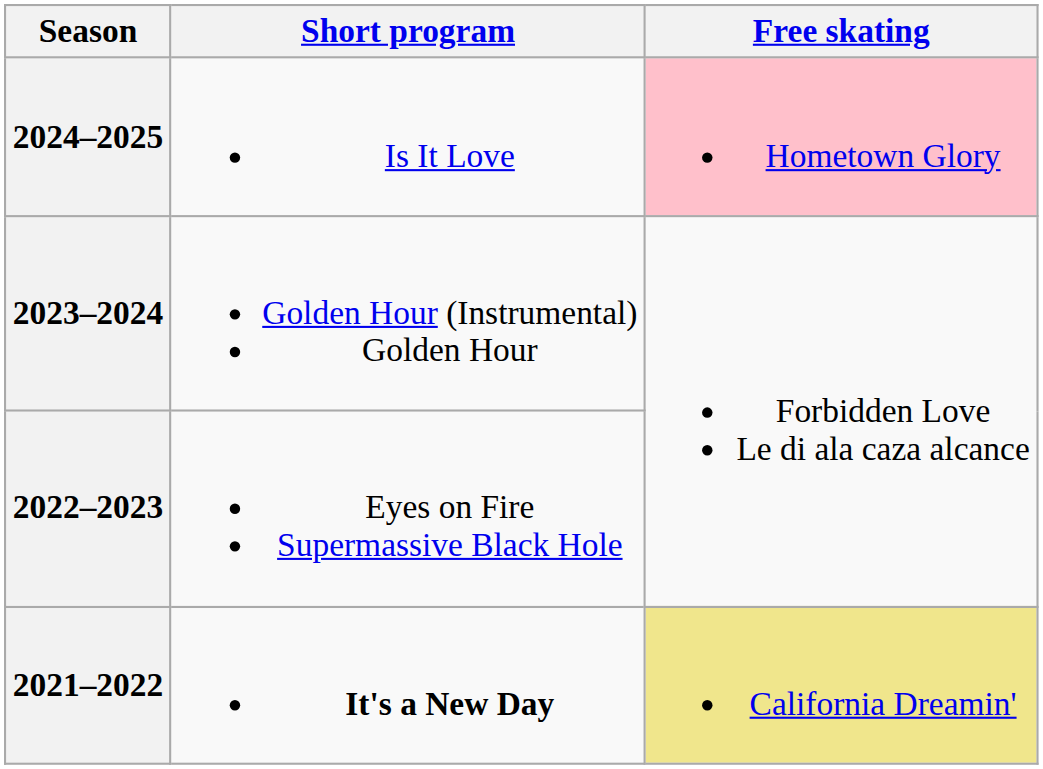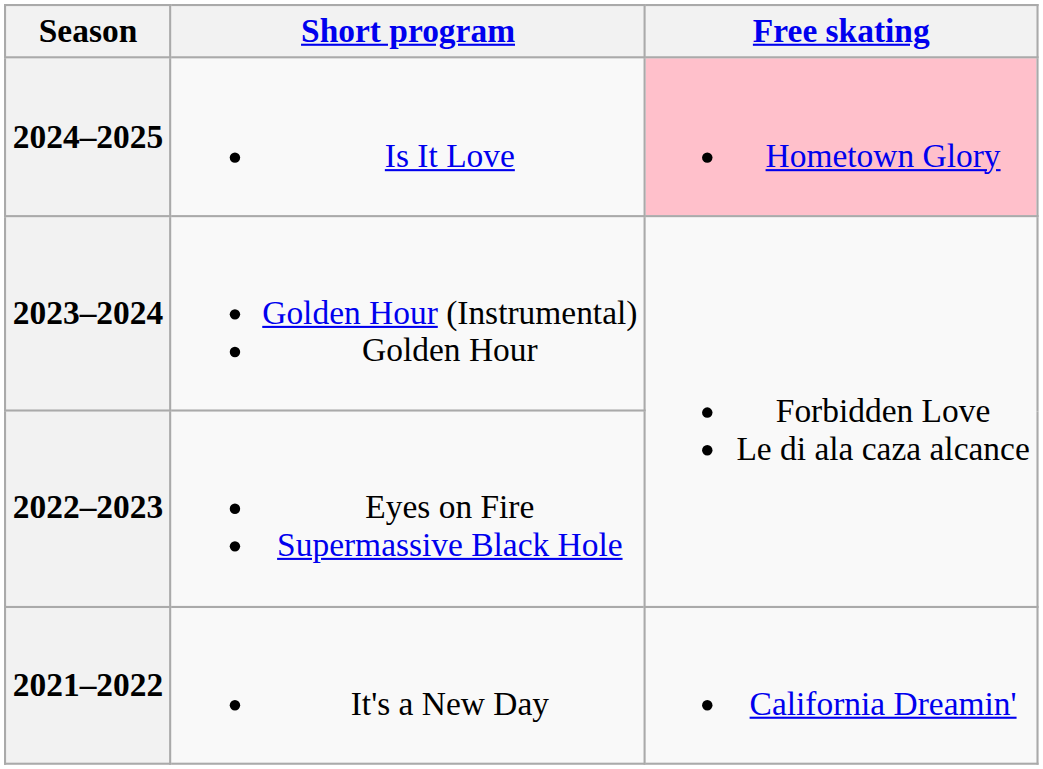 <table class="wikitable" style="text-align:center">
 <tr>
 <th>Season</th>
 <th><a href='#'>Short program</a></th>
 <th><a href='#'>Free skating</a></th>
 </tr>
 <tr>
 <th>2024–2025 <br> </th>
 <td><br><ul><li><a href='#'>Is It Love</a> <br> </li></ul></td>
 <td style="background: pink;"><br><ul><li><a href='#'>Hometown Glory</a> <br> </li></ul></td>
 </tr>
 <tr>
 <th>2023–2024 <br> </th>
 <td><br><ul><li><a href='#'>Golden Hour</a> (Instrumental)</li><li>Golden Hour <br> </li></ul></td>
 <td rowspan=2><br><ul><li>Forbidden Love <br> </li><li>Le di ala caza alcance <br> </li></ul></td>
 </tr>
 <tr>
 <th>2022–2023 <br> </th>
 <td><br><ul><li>Eyes on Fire <br> </li><li><a href='#'>Supermassive Black Hole</a> <br> </li></ul></td>
 </tr>
 <tr>
 <th>2021–2022 <br> </th>
-<td><strong><br><ul><li>It's a New Day <br> </li></ul></strong></td>
-<td style="background: khaki;"><br><ul><li><a href='#'>California Dreamin'</a> <br> </li></ul></td>
+<td><br><ul><li>It's a New Day <br> </li></ul></td>
+<td><br><ul><li><a href='#'>California Dreamin'</a> <br> </li></ul></td>
 </tr>
 </table>
